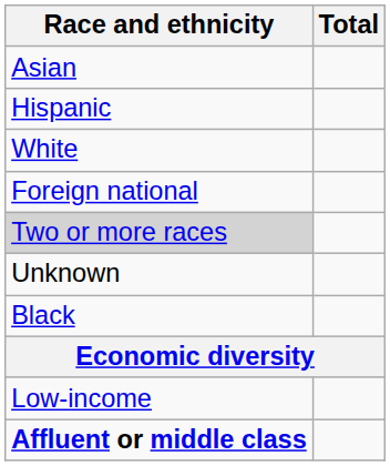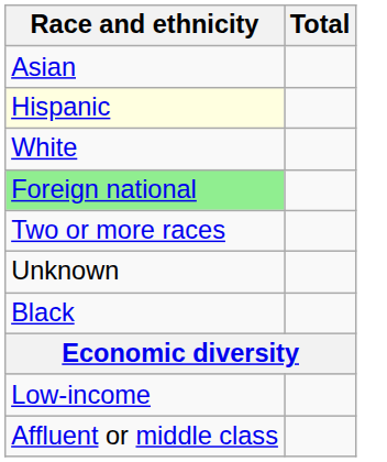 <table class="wikitable floatright sortable collapsible"; text-align:right; font-size:80%;">
 <tr>
 <th>Race and ethnicity</th>
 <th colspan="2" data-sort-type=number>Total</th>
 </tr>
 <tr>
 <td><a href='#'>Asian</a></td>
 <td style="text-align:right"></td>
 </tr>
 <tr>
-<td><a href='#'>Hispanic</a></td>
+<td style="background: lightyellow;"><a href='#'>Hispanic</a></td>
 <td style="text-align:right"></td>
 </tr>
 <tr>
 <td><a href='#'>White</a></td>
 <td style="text-align:right"></td>
 </tr>
 <tr>
-<td><a href='#'>Foreign national</a></td>
+<td style="background: lightgreen;"><a href='#'>Foreign national</a></td>
 <td style="text-align:right"></td>
 </tr>
 <tr>
-<td style="background: lightgrey;"><a href='#'>Two or more races</a></td>
+<td><a href='#'>Two or more races</a></td>
 <td style="text-align:right"></td>
 </tr>
 <tr>
 <td>Unknown</td>
 <td align=right></td>
 </tr>
 <tr>
 <td><a href='#'>Black</a></td>
 <td style="text-align:right"></td>
 </tr>
 <tr>
 <th colspan="4" data-sort-type=number><a href='#'>Economic diversity</a></th>
 </tr>
 <tr>
 <td><a href='#'>Low-income</a></td>
 <td style="text-align:right"></td>
 </tr>
 <tr>
-<td><strong><a href='#'>Affluent</a> or <a href='#'>middle class</a></strong></td>
+<td><a href='#'>Affluent</a> or <a href='#'>middle class</a></td>
 <td style="text-align:right"></td>
 </tr>
 </table>
